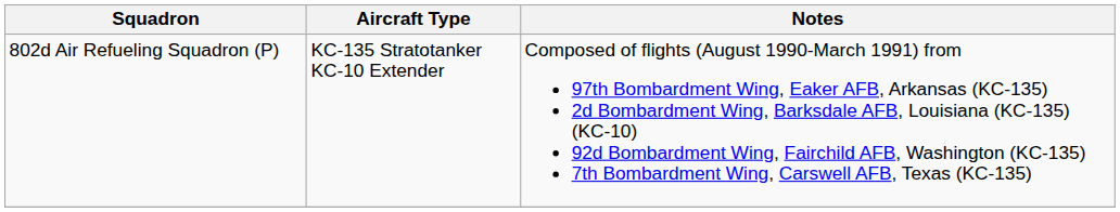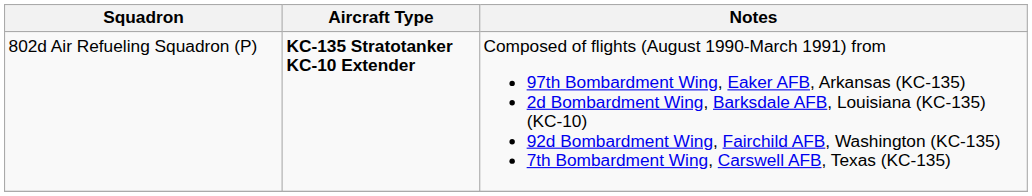 <table class="wikitable">
 <tr>
 <th scope="col" width="250">Squadron</th>
 <th scope="col" width="175">Aircraft Type</th>
 <th scope="col" width="500">Notes</th>
 </tr>
 <tr valign="top">
 <td>802d Air Refueling Squadron (P)</td>
-<td>KC-135 Stratotanker<br>KC-10 Extender</td>
+<td><strong>KC-135 Stratotanker<br>KC-10 Extender</strong></td>
 <td>Composed of flights (August 1990-March 1991) from<br><ul><li><a href='#'>97th Bombardment Wing</a>, <a href='#'>Eaker AFB</a>, Arkansas (KC-135)</li><li><a href='#'>2d Bombardment Wing</a>, <a href='#'>Barksdale AFB</a>, Louisiana (KC-135) (KC-10)</li><li><a href='#'>92d Bombardment Wing</a>, <a href='#'>Fairchild AFB</a>, Washington (KC-135)</li><li><a href='#'>7th Bombardment Wing</a>, <a href='#'>Carswell AFB</a>, Texas (KC-135)</li></ul></td>
 </tr>
 <tr>
 </tr>
 <tr>
 </tr>
 </table>
